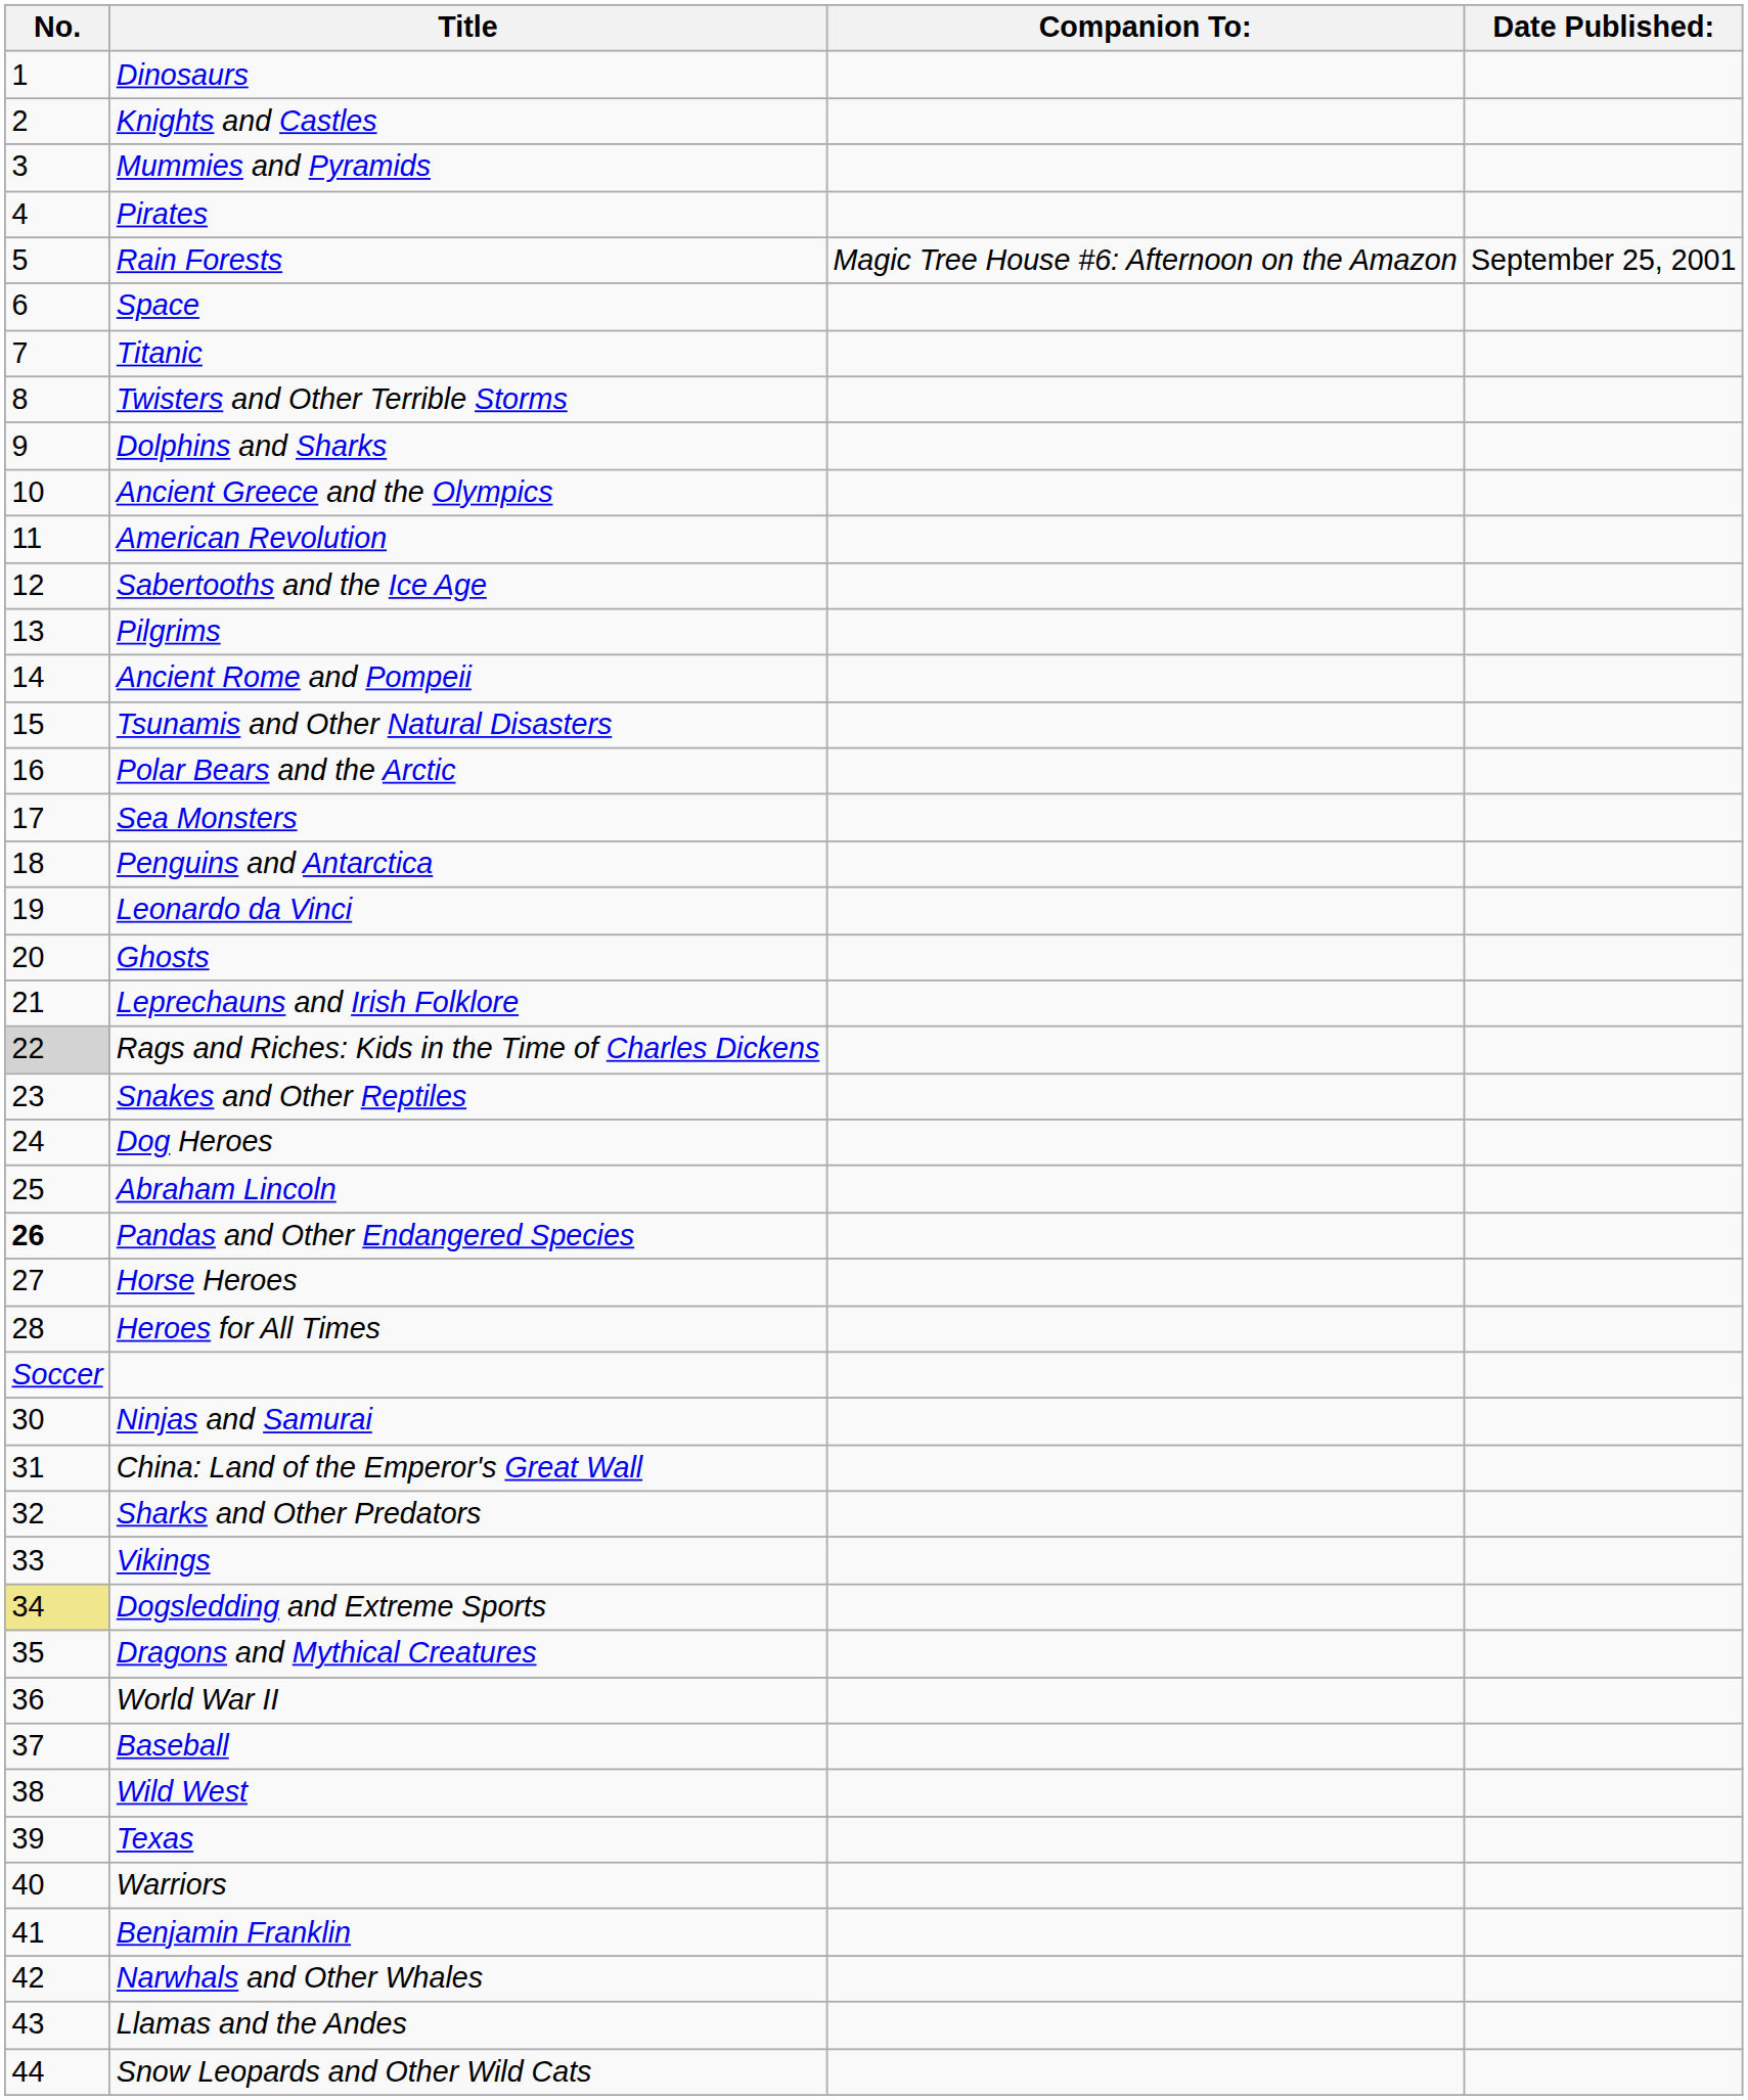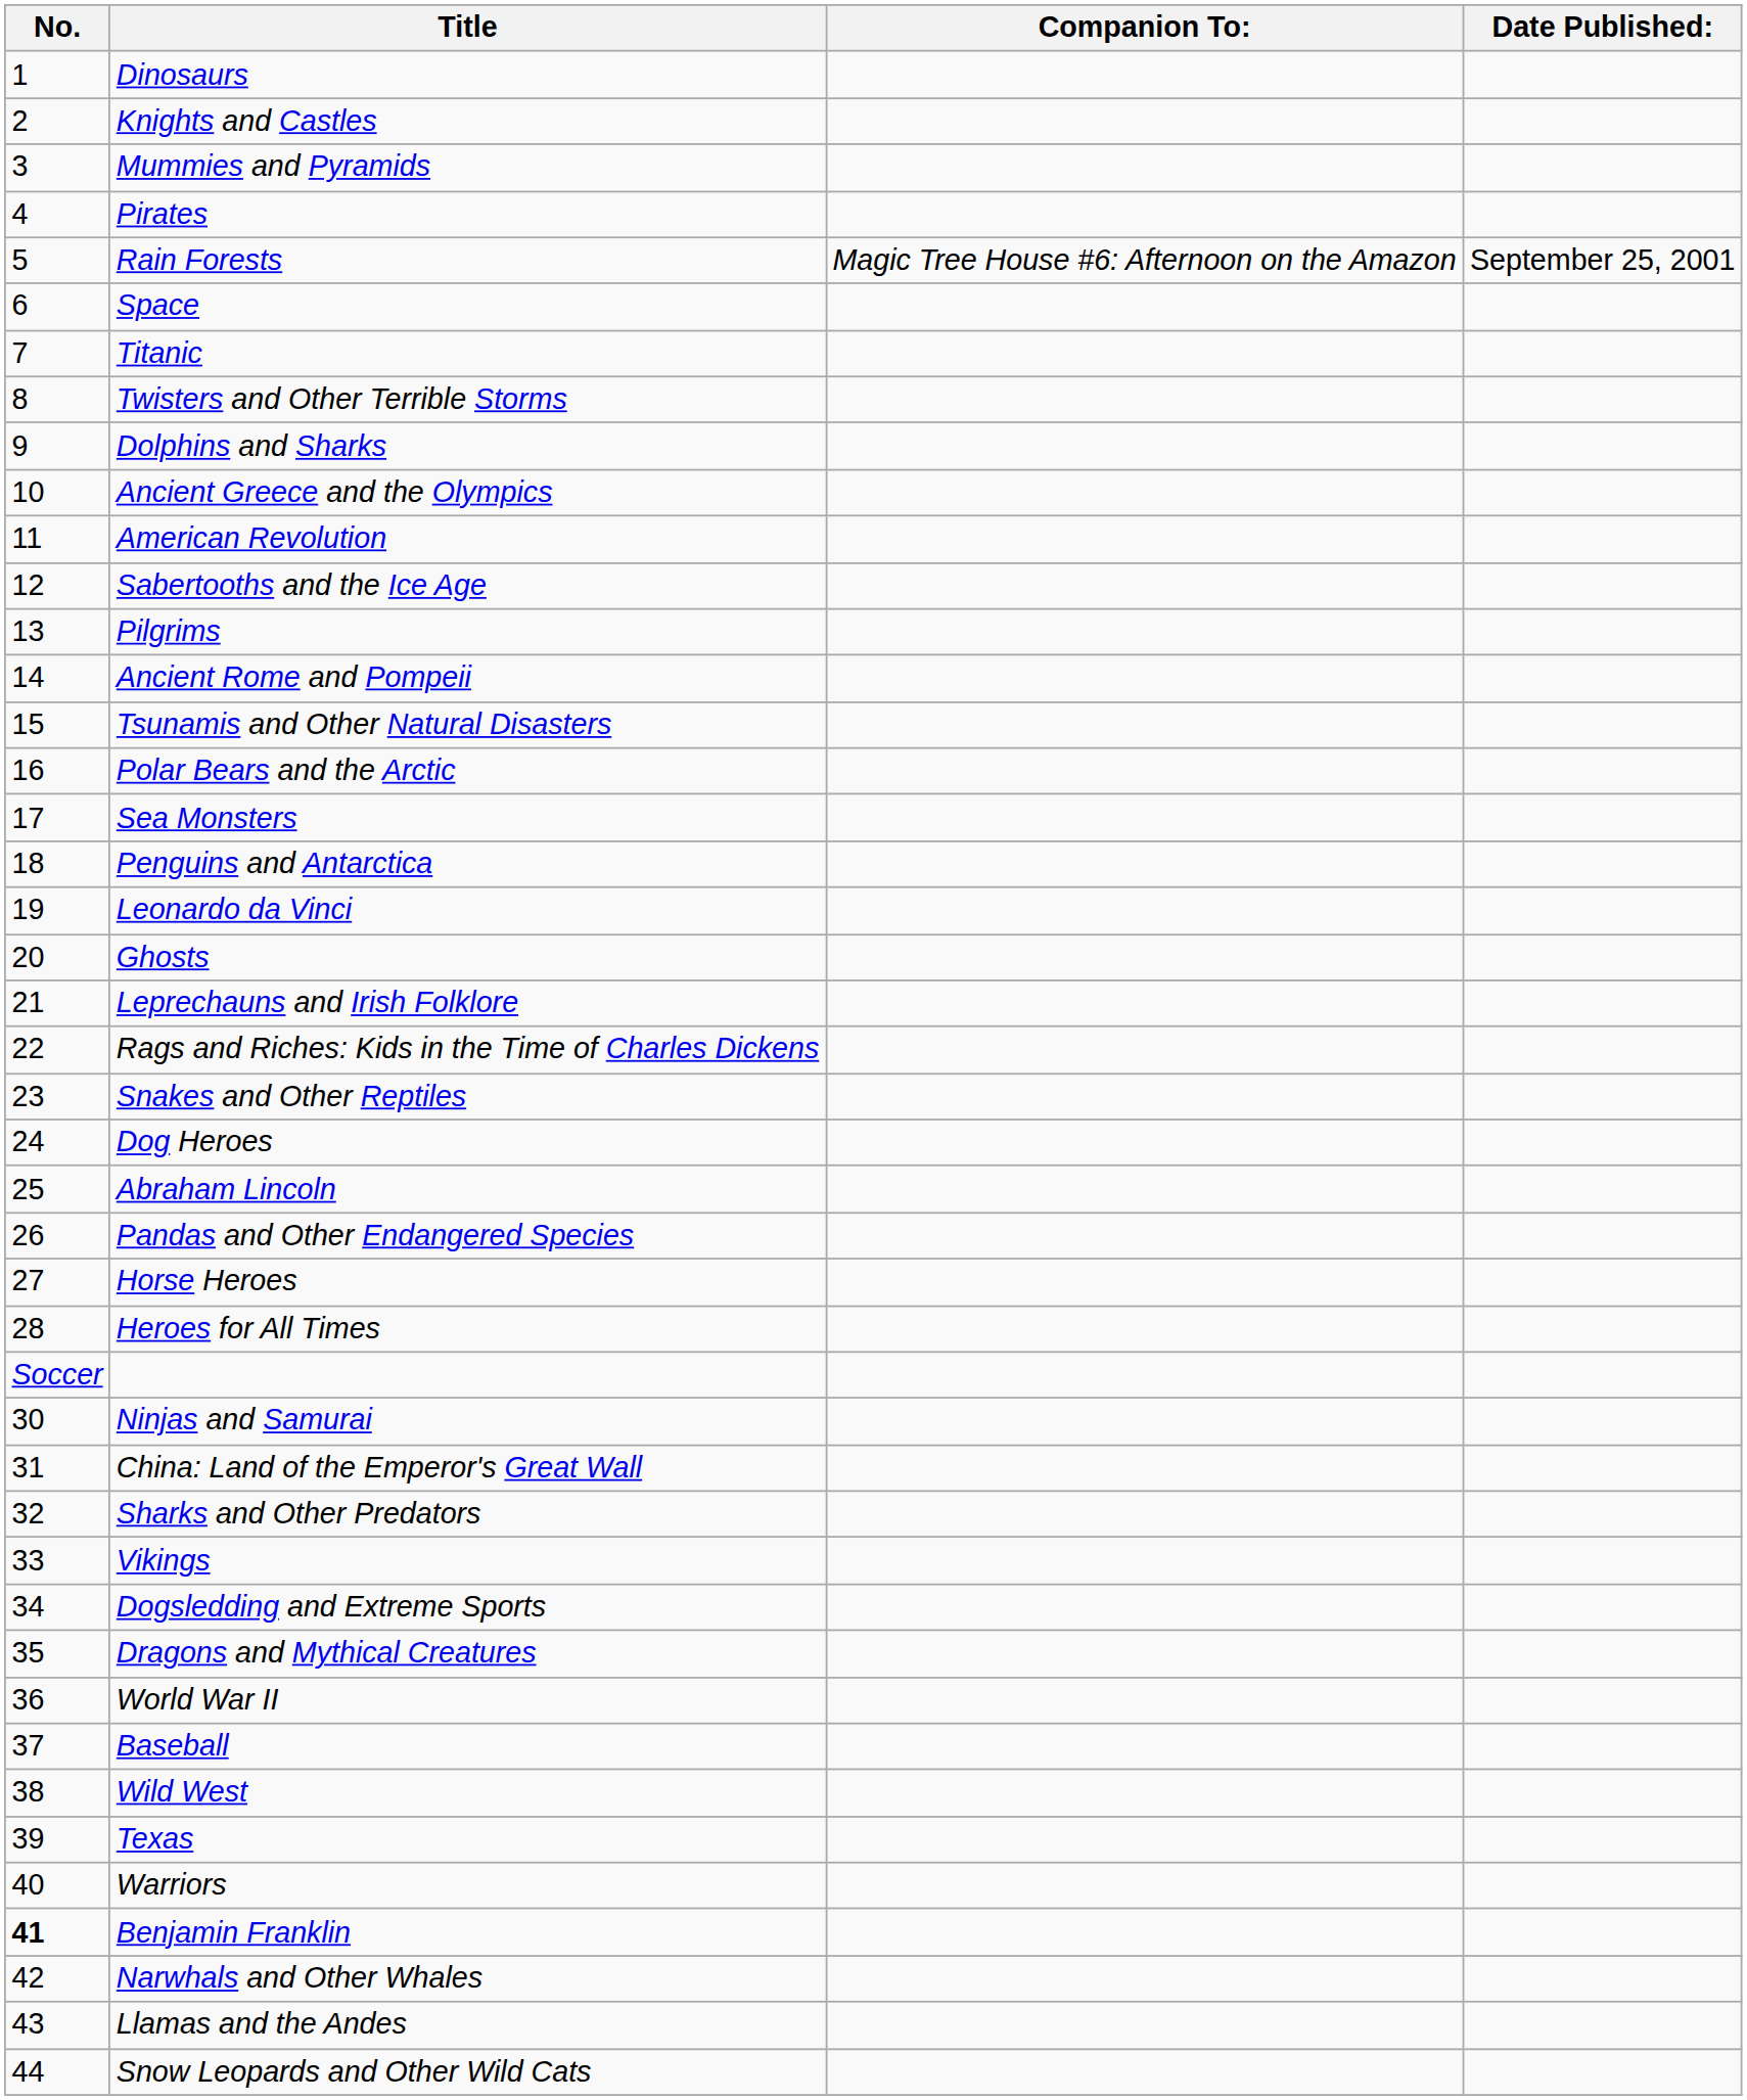 <table class="wikitable sortable">
 <tr>
 <th>No.</th>
 <th>Title</th>
 <th>Companion To:</th>
 <th>Date Published:</th>
 </tr>
 <tr>
 <td>1</td>
 <td><em><a href='#'>Dinosaurs</a></em></td>
 <td></td>
 <td></td>
 </tr>
 <tr>
 <td>2</td>
 <td><em><a href='#'>Knights</a> and <a href='#'>Castles</a></em></td>
 <td></td>
 <td></td>
 </tr>
 <tr>
 <td>3</td>
 <td><em><a href='#'>Mummies</a> and <a href='#'>Pyramids</a></em></td>
 <td></td>
 <td></td>
 </tr>
 <tr>
 <td>4</td>
 <td><em><a href='#'>Pirates</a></em></td>
 <td></td>
 <td></td>
 </tr>
 <tr>
 <td>5</td>
 <td><em><a href='#'>Rain Forests</a></em></td>
 <td><em>Magic Tree House #6: Afternoon on the Amazon</em></td>
 <td>September 25, 2001</td>
 </tr>
 <tr>
 <td>6</td>
 <td><em><a href='#'>Space</a></em></td>
 <td></td>
 <td></td>
 </tr>
 <tr>
 <td>7</td>
 <td><em><a href='#'>Titanic</a></em></td>
 <td></td>
 <td></td>
 </tr>
 <tr>
 <td>8</td>
 <td><em><a href='#'>Twisters</a> and Other Terrible <a href='#'>Storms</a></em></td>
 <td></td>
 <td></td>
 </tr>
 <tr>
 <td>9</td>
 <td><em><a href='#'>Dolphins</a> and <a href='#'>Sharks</a></em></td>
 <td></td>
 <td></td>
 </tr>
 <tr>
 <td>10</td>
 <td><em><a href='#'>Ancient Greece</a> and the <a href='#'>Olympics</a></em></td>
 <td></td>
 <td></td>
 </tr>
 <tr>
 <td>11</td>
 <td><em><a href='#'>American Revolution</a></em></td>
 <td></td>
 <td></td>
 </tr>
 <tr>
 <td>12</td>
 <td><em><a href='#'>Sabertooths</a> and the <a href='#'>Ice Age</a></em></td>
 <td></td>
 <td></td>
 </tr>
 <tr>
 <td>13</td>
 <td><em><a href='#'>Pilgrims</a></em></td>
 <td></td>
 <td></td>
 </tr>
 <tr>
 <td>14</td>
 <td><em><a href='#'>Ancient Rome</a> and <a href='#'>Pompeii</a></em></td>
 <td></td>
 <td></td>
 </tr>
 <tr>
 <td>15</td>
 <td><em><a href='#'>Tsunamis</a> and Other <a href='#'>Natural Disasters</a></em></td>
 <td></td>
 <td></td>
 </tr>
 <tr>
 <td>16</td>
 <td><em><a href='#'>Polar Bears</a> and the <a href='#'>Arctic</a></em></td>
 <td></td>
 <td></td>
 </tr>
 <tr>
 <td>17</td>
 <td><em><a href='#'>Sea Monsters</a></em></td>
 <td></td>
 <td></td>
 </tr>
 <tr>
 <td>18</td>
 <td><em><a href='#'>Penguins</a> and <a href='#'>Antarctica</a></em></td>
 <td></td>
 <td></td>
 </tr>
 <tr>
 <td>19</td>
 <td><em><a href='#'>Leonardo da Vinci</a></em></td>
 <td></td>
 <td></td>
 </tr>
 <tr>
 <td>20</td>
 <td><em><a href='#'>Ghosts</a></em></td>
 <td></td>
 <td></td>
 </tr>
 <tr>
 <td>21</td>
 <td><em><a href='#'>Leprechauns</a> and <a href='#'>Irish Folklore</a></em></td>
 <td></td>
 <td></td>
 </tr>
 <tr>
-<td style="background: lightgrey;">22</td>
+<td>22</td>
 <td><em>Rags and Riches: Kids in the Time of <a href='#'>Charles Dickens</a></em></td>
 <td></td>
 <td></td>
 </tr>
 <tr>
 <td>23</td>
 <td><em><a href='#'>Snakes</a> and Other <a href='#'>Reptiles</a></em></td>
 <td></td>
 <td></td>
 </tr>
 <tr>
 <td>24</td>
 <td><em><a href='#'>Dog</a> Heroes</em></td>
 <td></td>
 <td></td>
 </tr>
 <tr>
 <td>25</td>
 <td><em><a href='#'>Abraham Lincoln</a></em></td>
 <td></td>
 <td></td>
 </tr>
 <tr>
-<td><strong>26</strong></td>
+<td>26</td>
 <td><em><a href='#'>Pandas</a> and Other <a href='#'>Endangered Species</a></em></td>
 <td></td>
 <td></td>
 </tr>
 <tr>
 <td>27</td>
 <td><em><a href='#'>Horse</a> Heroes</em></td>
 <td></td>
 <td></td>
 </tr>
 <tr>
 <td>28</td>
 <td><em><a href='#'>Heroes</a> for All Times</em></td>
 <td></td>
 <td></td>
 </tr>
 <tr>
 <td><em><a href='#'>Soccer</a></em></td>
 <td></td>
 <td></td>
 </tr>
 <tr>
 <td>30</td>
 <td><em><a href='#'>Ninjas</a> and <a href='#'>Samurai</a></em></td>
 <td></td>
 <td></td>
 </tr>
 <tr>
 <td>31</td>
 <td><em>China: Land of the Emperor's <a href='#'>Great Wall</a></em></td>
 <td></td>
 <td></td>
 </tr>
 <tr>
 <td>32</td>
 <td><em><a href='#'>Sharks</a> and Other Predators</em></td>
 <td></td>
 <td></td>
 </tr>
 <tr>
 <td>33</td>
 <td><em><a href='#'>Vikings</a></em></td>
 <td></td>
 <td></td>
 </tr>
 <tr>
-<td style="background: khaki;">34</td>
+<td>34</td>
 <td><em><a href='#'>Dogsledding</a> and Extreme Sports</em></td>
 <td></td>
 <td></td>
 </tr>
 <tr>
 <td>35</td>
 <td><em><a href='#'>Dragons</a> and <a href='#'>Mythical Creatures</a></em></td>
 <td></td>
 <td></td>
 </tr>
 <tr>
 <td>36</td>
 <td><em>World War II</em></td>
 <td></td>
 <td></td>
 </tr>
 <tr>
 <td>37</td>
 <td><em><a href='#'>Baseball</a></em></td>
 <td></td>
 <td></td>
 </tr>
 <tr>
 <td>38</td>
 <td><em><a href='#'>Wild West</a></em></td>
 <td></td>
 <td></td>
 </tr>
 <tr>
 <td>39</td>
 <td><em><a href='#'>Texas</a></em></td>
 <td></td>
 <td></td>
 </tr>
 <tr>
 <td>40</td>
 <td><em>Warriors</em></td>
 <td></td>
 <td></td>
 </tr>
 <tr>
-<td>41</td>
+<td><strong>41</strong></td>
 <td><em><a href='#'>Benjamin Franklin</a></em></td>
 <td></td>
 <td></td>
 </tr>
 <tr>
 <td>42</td>
 <td><em><a href='#'>Narwhals</a> and Other Whales</em></td>
 <td></td>
 <td></td>
 </tr>
 <tr>
 <td>43</td>
 <td><em>Llamas and the Andes</em></td>
 <td></td>
 <td></td>
 </tr>
 <tr>
 <td>44</td>
 <td><em>Snow Leopards and Other Wild Cats</em></td>
 <td></td>
 <td></td>
 </tr>
 </table>
